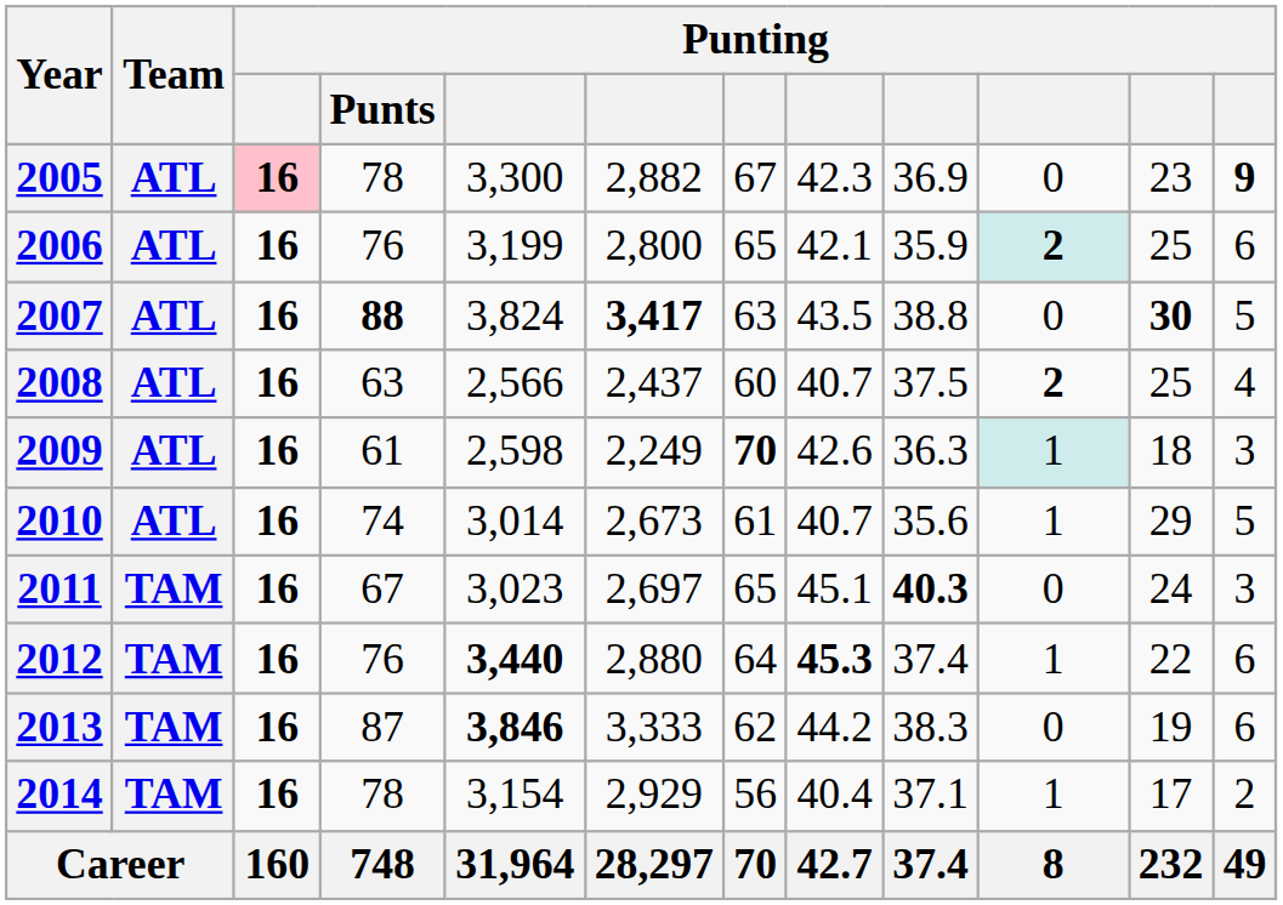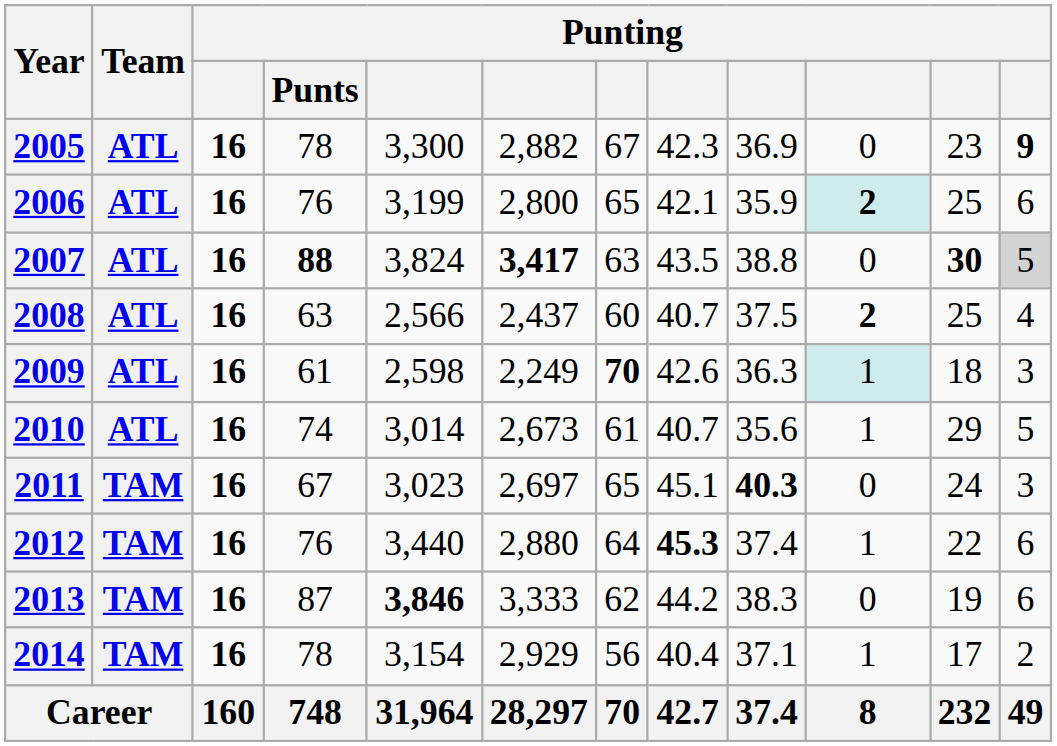 <table class=wikitable style="text-align:center;">
 <tr>
 <th rowspan="2">Year</th>
 <th rowspan="2">Team</th>
 <th colspan="10">Punting</th>
 </tr>
 <tr>
 <th></th>
 <th>Punts</th>
 <th></th>
 <th></th>
 <th></th>
 <th></th>
 <th></th>
 <th></th>
 <th></th>
 <th></th>
 </tr>
 <tr>
 <th><a href='#'>2005</a></th>
 <th><a href='#'>ATL</a></th>
-<td style="background: pink;"><strong>16</strong></td>
+<td><strong>16</strong></td>
 <td>78</td>
 <td>3,300</td>
 <td>2,882</td>
 <td>67</td>
 <td>42.3</td>
 <td>36.9</td>
 <td>0</td>
 <td>23</td>
 <td><strong>9</strong></td>
 </tr>
 <tr>
 <th><a href='#'>2006</a></th>
 <th><a href='#'>ATL</a></th>
 <td><strong>16</strong></td>
 <td>76</td>
 <td>3,199</td>
 <td>2,800</td>
 <td>65</td>
 <td>42.1</td>
 <td>35.9</td>
 <td style="background:#cfecec; width:3em;"><strong>2</strong></td>
 <td>25</td>
 <td>6</td>
 </tr>
 <tr>
 <th><a href='#'>2007</a></th>
 <th><a href='#'>ATL</a></th>
 <td><strong>16</strong></td>
 <td><strong>88</strong></td>
 <td>3,824</td>
 <td><strong>3,417</strong></td>
 <td>63</td>
 <td>43.5</td>
 <td>38.8</td>
 <td>0</td>
 <td><strong>30</strong></td>
-<td>5</td>
+<td style="background: lightgrey;">5</td>
 </tr>
 <tr>
 <th><a href='#'>2008</a></th>
 <th><a href='#'>ATL</a></th>
 <td><strong>16</strong></td>
 <td>63</td>
 <td>2,566</td>
 <td>2,437</td>
 <td>60</td>
 <td>40.7</td>
 <td>37.5</td>
 <td><strong>2</strong></td>
 <td>25</td>
 <td>4</td>
 </tr>
 <tr>
 <th><a href='#'>2009</a></th>
 <th><a href='#'>ATL</a></th>
 <td><strong>16</strong></td>
 <td>61</td>
 <td>2,598</td>
 <td>2,249</td>
 <td><strong>70</strong></td>
 <td>42.6</td>
 <td>36.3</td>
 <td style="background:#cfecec; width:3em;">1</td>
 <td>18</td>
 <td>3</td>
 </tr>
 <tr>
 <th><a href='#'>2010</a></th>
 <th><a href='#'>ATL</a></th>
 <td><strong>16</strong></td>
 <td>74</td>
 <td>3,014</td>
 <td>2,673</td>
 <td>61</td>
 <td>40.7</td>
 <td>35.6</td>
 <td>1</td>
 <td>29</td>
 <td>5</td>
 </tr>
 <tr>
 <th><a href='#'>2011</a></th>
 <th><a href='#'>TAM</a></th>
 <td><strong>16</strong></td>
 <td>67</td>
 <td>3,023</td>
 <td>2,697</td>
 <td>65</td>
 <td>45.1</td>
 <td><strong>40.3</strong></td>
 <td>0</td>
 <td>24</td>
 <td>3</td>
 </tr>
 <tr>
 <th><a href='#'>2012</a></th>
 <th><a href='#'>TAM</a></th>
 <td><strong>16</strong></td>
 <td>76</td>
-<td><strong>3,440</strong></td>
+<td>3,440</td>
 <td>2,880</td>
 <td>64</td>
 <td><strong>45.3</strong></td>
 <td>37.4</td>
 <td>1</td>
 <td>22</td>
 <td>6</td>
 </tr>
 <tr>
 <th><a href='#'>2013</a></th>
 <th><a href='#'>TAM</a></th>
 <td><strong>16</strong></td>
 <td>87</td>
 <td><strong>3,846</strong></td>
 <td>3,333</td>
 <td>62</td>
 <td>44.2</td>
 <td>38.3</td>
 <td>0</td>
 <td>19</td>
 <td>6</td>
 </tr>
 <tr>
 <th><a href='#'>2014</a></th>
 <th><a href='#'>TAM</a></th>
 <td><strong>16</strong></td>
 <td>78</td>
 <td>3,154</td>
 <td>2,929</td>
 <td>56</td>
 <td>40.4</td>
 <td>37.1</td>
 <td>1</td>
 <td>17</td>
 <td>2</td>
 </tr>
 <tr>
 <th colspan="2">Career</th>
 <th>160</th>
 <th>748</th>
 <th>31,964</th>
 <th>28,297</th>
 <th>70</th>
 <th>42.7</th>
 <th>37.4</th>
 <th>8</th>
 <th>232</th>
 <th>49</th>
 </tr>
 </table>
